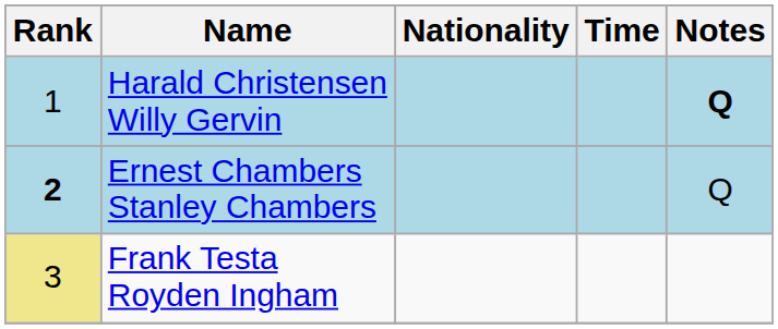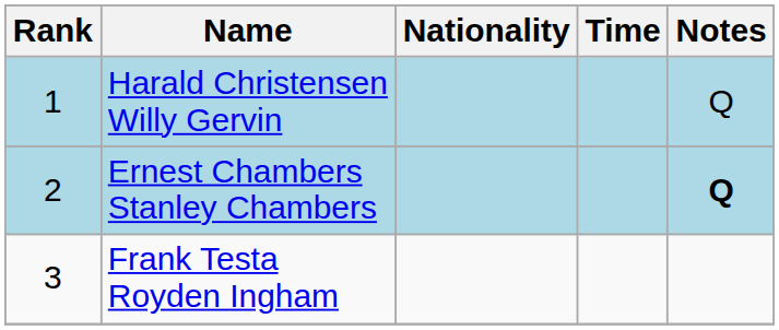 <table class="wikitable sortable" style="text-align:center">
 <tr>
 <th>Rank</th>
 <th>Name</th>
 <th>Nationality</th>
 <th>Time</th>
 <th>Notes</th>
 </tr>
 <tr bgcolor=lightblue>
 <td>1</td>
 <td align=left><a href='#'>Harald Christensen</a><br><a href='#'>Willy Gervin</a></td>
 <td align=left></td>
 <td></td>
-<td><strong>Q</strong></td>
+<td>Q</td>
 </tr>
 <tr bgcolor=lightblue>
-<td><strong>2</strong></td>
+<td>2</td>
 <td align=left><a href='#'>Ernest Chambers</a><br><a href='#'>Stanley Chambers</a></td>
 <td align=left></td>
 <td></td>
-<td>Q</td>
+<td><strong>Q</strong></td>
 </tr>
 <tr>
-<td style="background: khaki;">3</td>
+<td>3</td>
 <td align=left><a href='#'>Frank Testa</a><br><a href='#'>Royden Ingham</a></td>
 <td align=left></td>
 <td></td>
 <td></td>
 </tr>
 <tr>
 </tr>
 </table>
